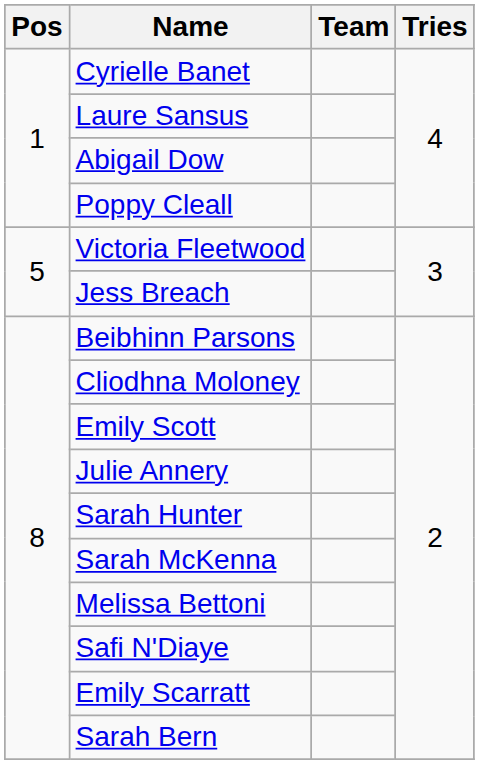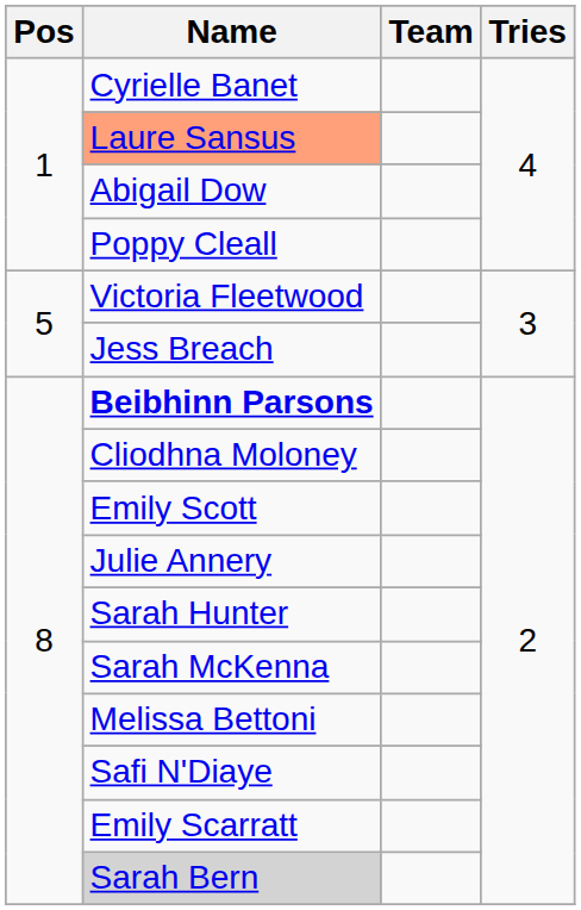 <table class="wikitable" style="text-align:center">
 <tr>
 <th>Pos</th>
 <th>Name</th>
 <th>Team</th>
 <th>Tries</th>
 </tr>
 <tr>
 <td rowspan=4>1</td>
 <td align="left"><a href='#'>Cyrielle Banet</a></td>
 <td align="left"></td>
 <td rowspan=4>4</td>
 </tr>
 <tr>
-<td align="left"><a href='#'>Laure Sansus</a></td>
+<td align="left" style="background: lightsalmon;"><a href='#'>Laure Sansus</a></td>
 <td align="left"></td>
 </tr>
 <tr>
 <td align="left"><a href='#'>Abigail Dow</a></td>
 <td align="left"></td>
 </tr>
 <tr>
 <td align="left"><a href='#'>Poppy Cleall</a></td>
 <td align="left"></td>
 </tr>
 <tr>
 <td rowspan=2>5</td>
 <td align="left"><a href='#'>Victoria Fleetwood</a></td>
 <td align="left"></td>
 <td rowspan=2>3</td>
 </tr>
 <tr>
 <td align="left"><a href='#'>Jess Breach</a></td>
 <td align="left"></td>
 </tr>
 <tr>
 <td rowspan=10>8</td>
-<td align="left"><a href='#'>Beibhinn Parsons</a></td>
+<td align="left"><strong><a href='#'>Beibhinn Parsons</a></strong></td>
 <td align="left"></td>
 <td rowspan=10>2</td>
 </tr>
 <tr>
 <td align="left"><a href='#'>Cliodhna Moloney</a></td>
 <td align="left"></td>
 </tr>
 <tr>
 <td align="left"><a href='#'>Emily Scott</a></td>
 <td align="left"></td>
 </tr>
 <tr>
 <td align="left"><a href='#'>Julie Annery</a></td>
 <td align="left"></td>
 </tr>
 <tr>
 <td align="left"><a href='#'>Sarah Hunter</a></td>
 <td align="left"></td>
 </tr>
 <tr>
 <td align="left"><a href='#'>Sarah McKenna</a></td>
 <td align="left"></td>
 </tr>
 <tr>
 <td align="left"><a href='#'>Melissa Bettoni</a></td>
 <td align="left"></td>
 </tr>
 <tr>
 <td align="left"><a href='#'>Safi N'Diaye</a></td>
 <td align="left"></td>
 </tr>
 <tr>
 <td align="left"><a href='#'>Emily Scarratt</a></td>
 <td align="left"></td>
 </tr>
 <tr>
-<td align="left"><a href='#'>Sarah Bern</a></td>
+<td align="left" style="background: lightgrey;"><a href='#'>Sarah Bern</a></td>
 <td align="left"></td>
 </tr>
 </table>
